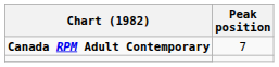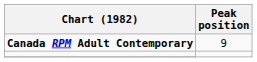 <table class="wikitable sortable">
 <tr>
 <th>Chart (1982)</th>
 <th>Peak<br>position</th>
 </tr>
 <tr>
 <td><strong>Canada <em><a href='#'>RPM</a></em> Adult Contemporary</strong></td>
-<td style="text-align:center;">7</td>
+<td style="text-align:center;">9</td>
 </tr>
 <tr>
 <td></td>
 </tr>
 <tr>
 </tr>
 <tr>
 </tr>
 <tr>
 </tr>
 </table>
